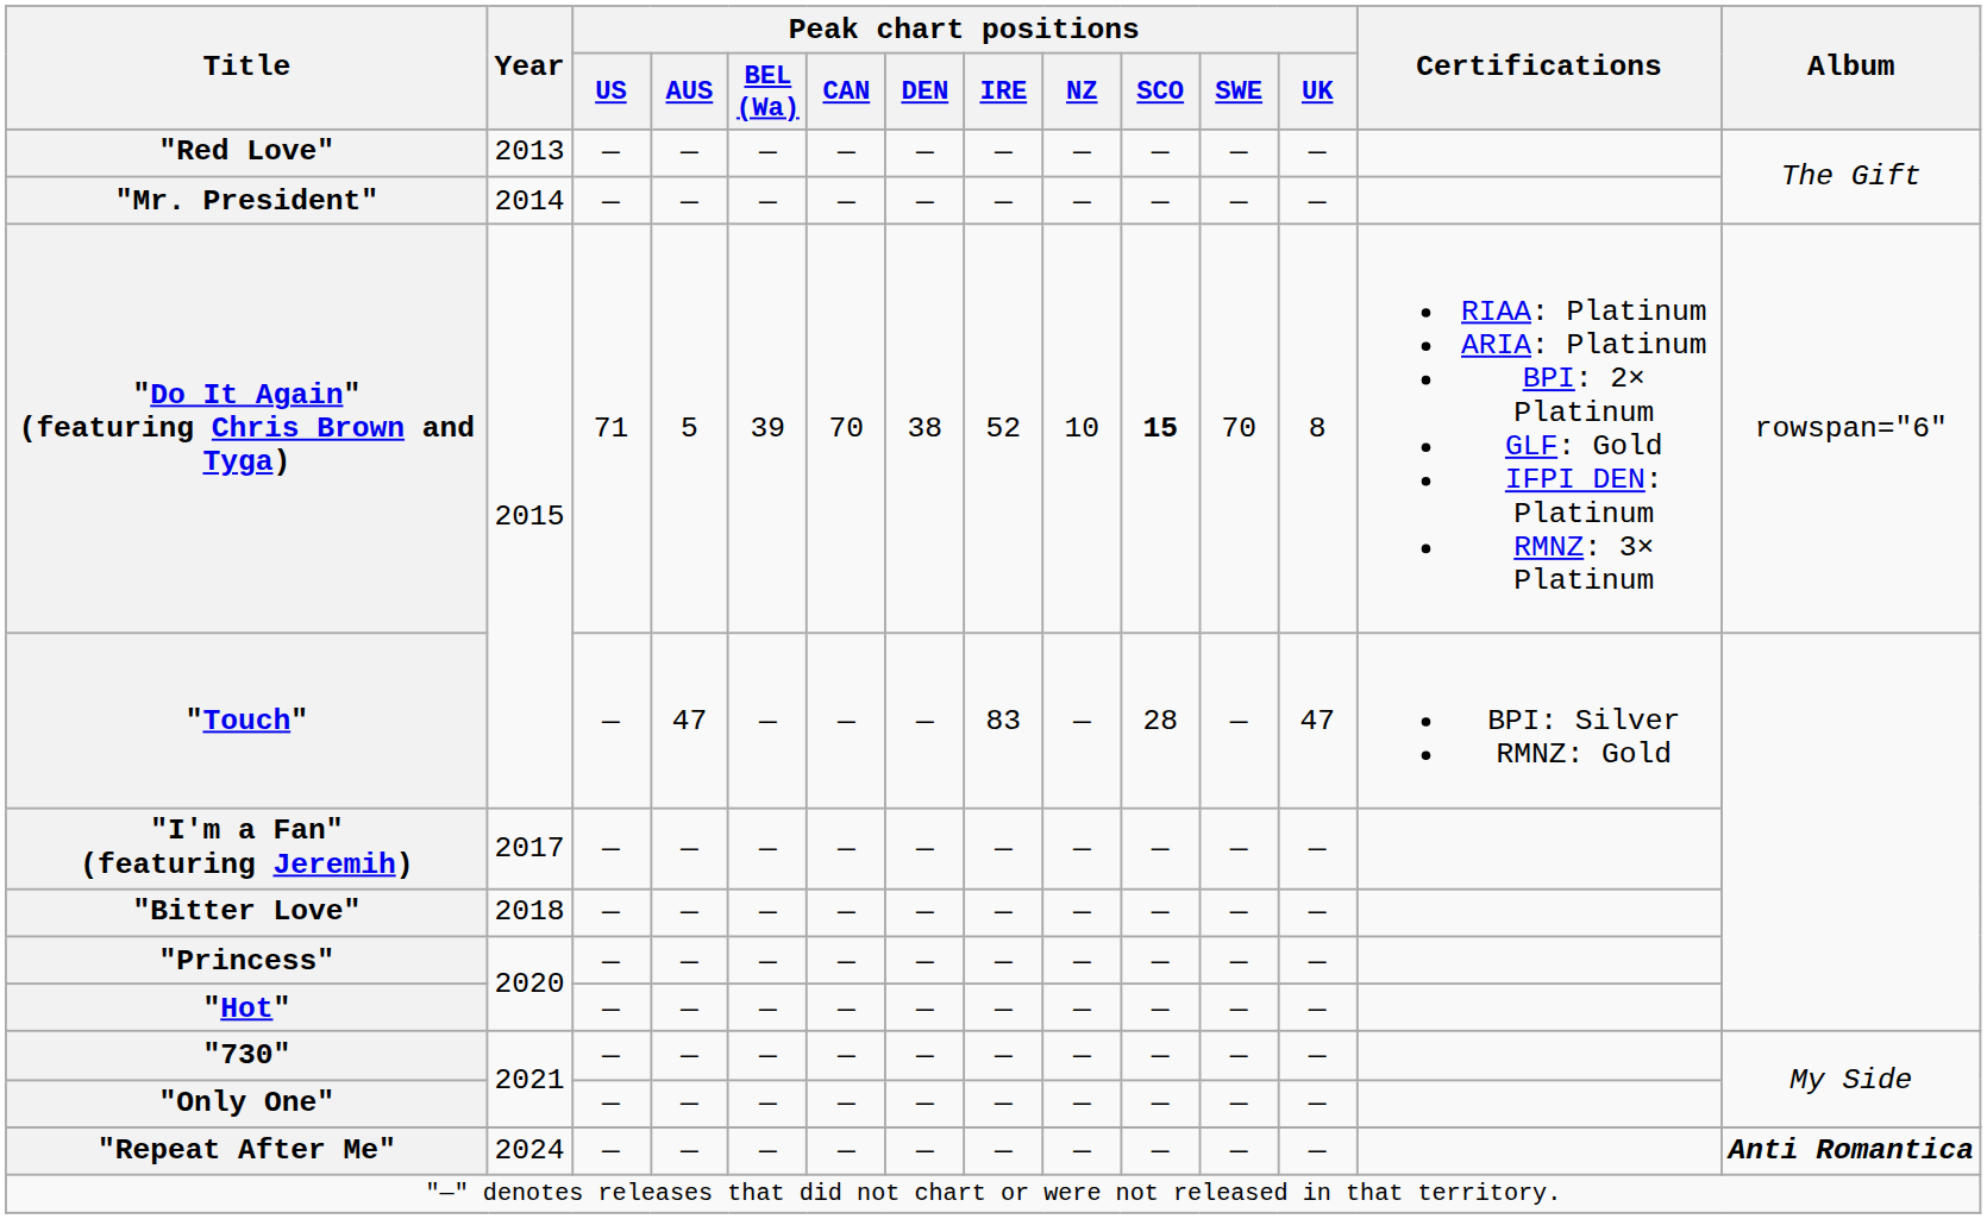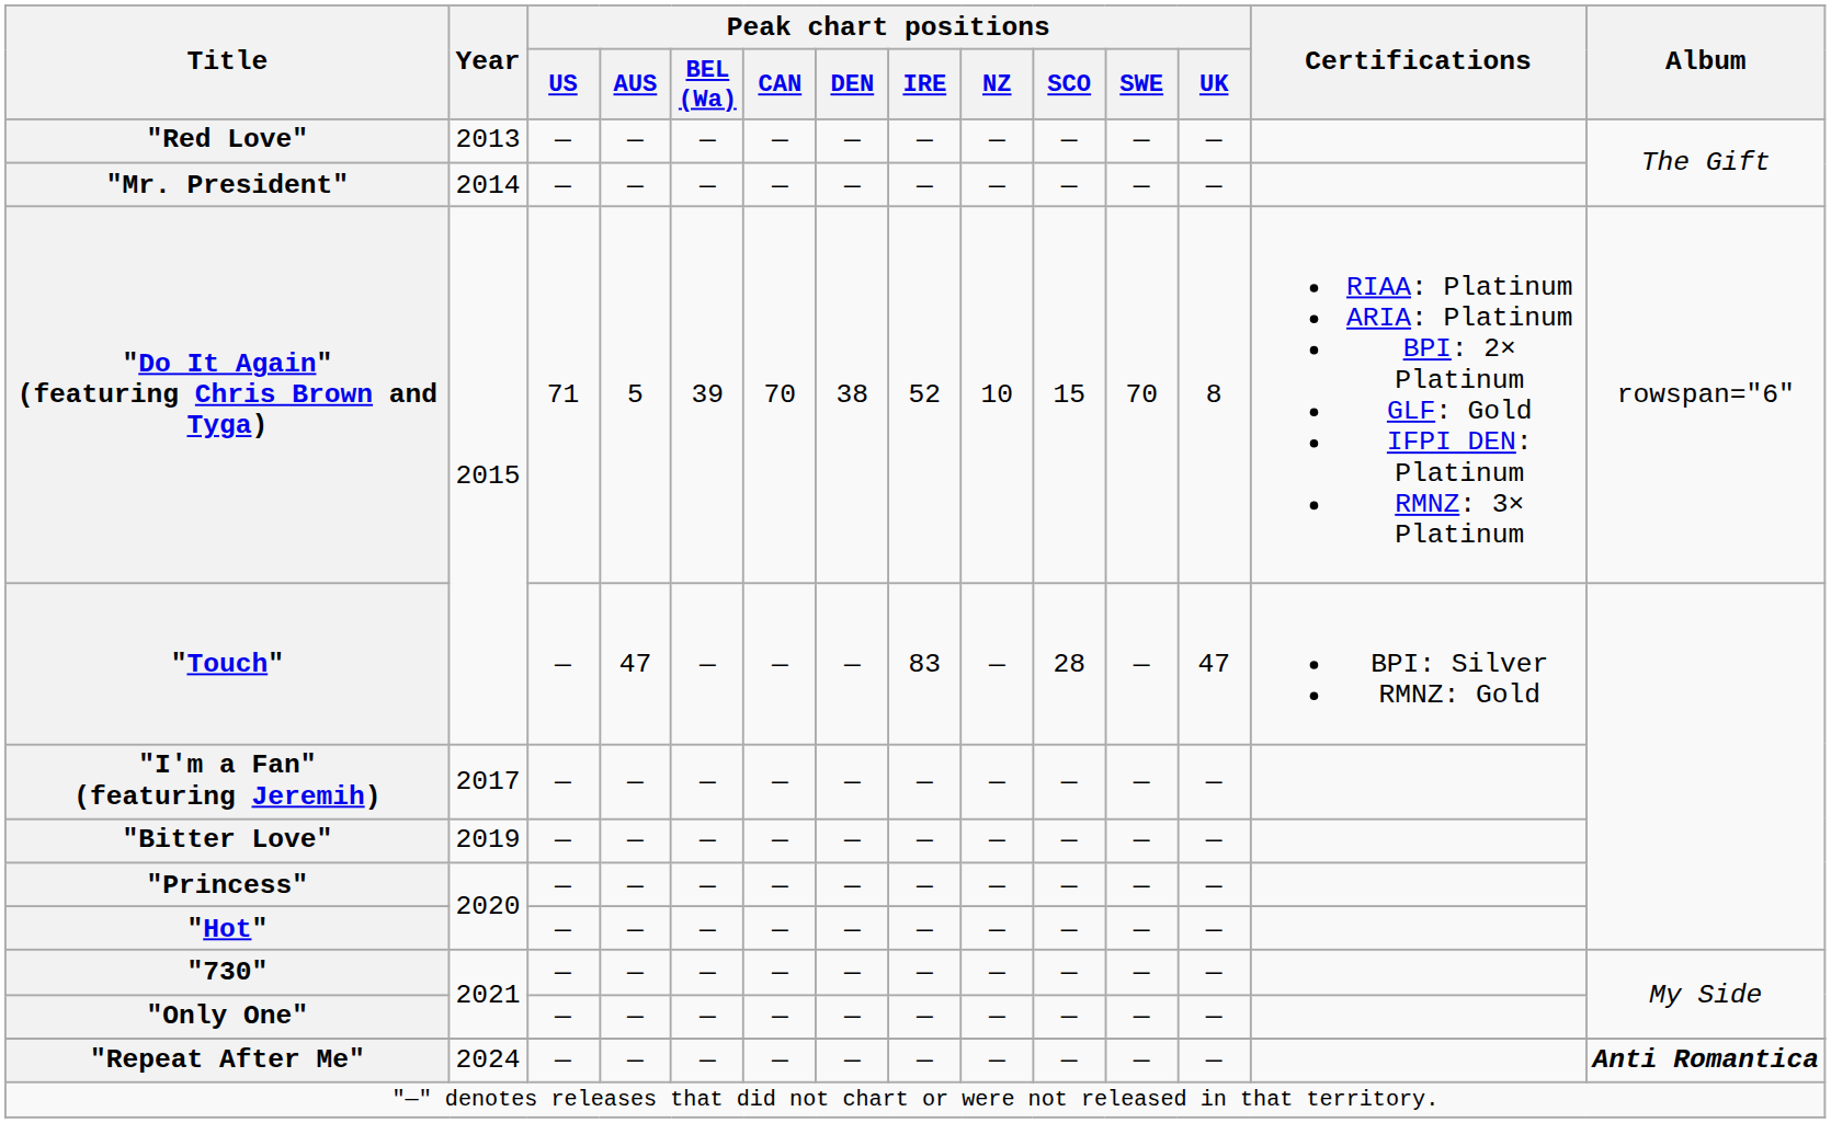 <table class="wikitable plainrowheaders" style="text-align:center;" border="1">
 <tr>
 <th scope="col" rowspan="2" style="width:16em;">Title</th>
 <th scope="col" rowspan="2">Year</th>
 <th scope="col" colspan="10">Peak chart positions</th>
 <th scope="col" rowspan="2" style="width:12em;">Certifications</th>
 <th scope="col" rowspan="2">Album</th>
 </tr>
 <tr>
 <th scope="col" style="width:2.5em;font-size:90%;"><a href='#'>US</a><br></th>
 <th scope="col" style="width:2.5em;font-size:90%;"><a href='#'>AUS</a><br></th>
 <th scope="col" style="width:2.5em;font-size:90%;"><a href='#'>BEL<br>(Wa)</a><br></th>
 <th scope="col" style="width:2.5em;font-size:90%;"><a href='#'>CAN</a><br></th>
 <th scope="col" style="width:2.5em;font-size:90%;"><a href='#'>DEN</a><br></th>
 <th scope="col" style="width:2.5em;font-size:90%;"><a href='#'>IRE</a><br></th>
 <th scope="col" style="width:2.5em;font-size:90%;"><a href='#'>NZ</a><br></th>
 <th scope="col" style="width:2.5em;font-size:90%;"><a href='#'>SCO</a><br></th>
 <th scope="col" style="width:2.5em;font-size:90%;"><a href='#'>SWE</a><br></th>
 <th scope="col" style="width:2.5em;font-size:90%;"><a href='#'>UK</a><br></th>
 </tr>
 <tr>
 <th scope="row">"Red Love"</th>
 <td>2013</td>
 <td>—</td>
 <td>—</td>
 <td>—</td>
 <td>—</td>
 <td>—</td>
 <td>—</td>
 <td>—</td>
 <td>—</td>
 <td>—</td>
 <td>—</td>
 <td></td>
 <td rowspan=2><em>The Gift</em></td>
 </tr>
 <tr>
 <th scope="row">"Mr. President"</th>
 <td>2014</td>
 <td>—</td>
 <td>—</td>
 <td>—</td>
 <td>—</td>
 <td>—</td>
 <td>—</td>
 <td>—</td>
 <td>—</td>
 <td>—</td>
 <td>—</td>
 <td></td>
 </tr>
 <tr>
 <th scope="row">"<a href='#'>Do It Again</a>"<br><span>(featuring <a href='#'>Chris Brown</a> and <a href='#'>Tyga</a>)</span></th>
 <td rowspan="2">2015</td>
 <td>71</td>
 <td>5</td>
 <td>39</td>
 <td>70</td>
 <td>38</td>
 <td>52</td>
 <td>10</td>
-<td><strong>15</strong></td>
+<td>15</td>
 <td>70</td>
 <td>8</td>
 <td><br><ul><li><a href='#'>RIAA</a>: Platinum</li><li><a href='#'>ARIA</a>: Platinum</li><li><a href='#'>BPI</a>: 2× Platinum</li><li><a href='#'>GLF</a>: Gold</li><li><a href='#'>IFPI DEN</a>: Platinum</li><li><a href='#'>RMNZ</a>: 3× Platinum</li></ul></td>
 <td>rowspan="6" </td>
 </tr>
 <tr>
 <th scope="row">"<a href='#'>Touch</a>"</th>
 <td>—</td>
 <td>47</td>
 <td>—</td>
 <td>—</td>
 <td>—</td>
 <td>83</td>
 <td>—</td>
 <td>28</td>
 <td>—</td>
 <td>47</td>
 <td><br><ul><li>BPI: Silver</li><li>RMNZ: Gold</li></ul></td>
 </tr>
 <tr>
 <th scope="row">"I'm a Fan"<br><span>(featuring <a href='#'>Jeremih</a>)</span></th>
 <td>2017</td>
 <td>—</td>
 <td>—</td>
 <td>—</td>
 <td>—</td>
 <td>—</td>
 <td>—</td>
 <td>—</td>
 <td>—</td>
 <td>—</td>
 <td>—</td>
 <td></td>
 </tr>
 <tr>
 <th scope="row">"Bitter Love"</th>
-<td>2018</td>
+<td>2019</td>
 <td>—</td>
 <td>—</td>
 <td>—</td>
 <td>—</td>
 <td>—</td>
 <td>—</td>
 <td>—</td>
 <td>—</td>
 <td>—</td>
 <td>—</td>
 <td></td>
 </tr>
 <tr>
 <th scope="row">"Princess"</th>
 <td rowspan="2">2020</td>
 <td>—</td>
 <td>—</td>
 <td>—</td>
 <td>—</td>
 <td>—</td>
 <td>—</td>
 <td>—</td>
 <td>—</td>
 <td>—</td>
 <td>—</td>
 <td></td>
 </tr>
 <tr>
 <th scope="row">"<a href='#'>Hot</a>"<br></th>
 <td>—</td>
 <td>—</td>
 <td>—</td>
 <td>—</td>
 <td>—</td>
 <td>—</td>
 <td>—</td>
 <td>—</td>
 <td>—</td>
 <td>—</td>
 <td></td>
 </tr>
 <tr>
 <th scope="row">"730"</th>
 <td rowspan="2">2021</td>
 <td>—</td>
 <td>—</td>
 <td>—</td>
 <td>—</td>
 <td>—</td>
 <td>—</td>
 <td>—</td>
 <td>—</td>
 <td>—</td>
 <td>—</td>
 <td></td>
 <td rowspan="2"><em>My Side</em></td>
 </tr>
 <tr>
 <th scope="row">"Only One"</th>
 <td>—</td>
 <td>—</td>
 <td>—</td>
 <td>—</td>
 <td>—</td>
 <td>—</td>
 <td>—</td>
 <td>—</td>
 <td>—</td>
 <td>—</td>
 <td></td>
 </tr>
 <tr>
 </tr>
 <tr>
 <th scope="row">"Repeat After Me"</th>
 <td>2024</td>
 <td>—</td>
 <td>—</td>
 <td>—</td>
 <td>—</td>
 <td>—</td>
 <td>—</td>
 <td>—</td>
 <td>—</td>
 <td>—</td>
 <td>—</td>
 <td></td>
 <td><strong><em>Anti Romantica</em></strong></td>
 </tr>
 <tr>
 <td colspan="15" style="font-size:8pt">"—" denotes releases that did not chart or were not released in that territory.</td>
 </tr>
 </table>
